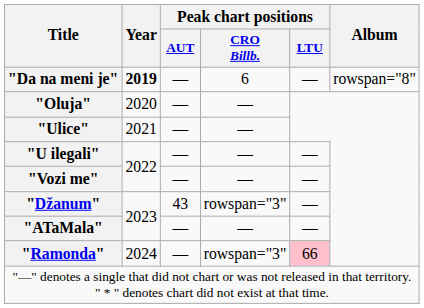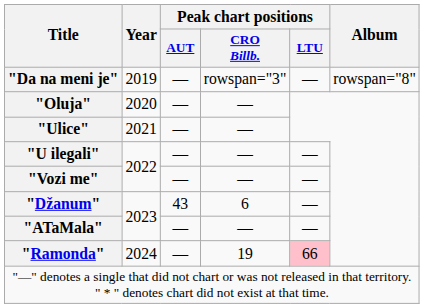 <table class="wikitable plainrowheaders" style="text-align:center;">
 <tr>
 <th scope="col" rowspan="2">Title</th>
 <th scope="col" rowspan="2">Year</th>
 <th scope="col" colspan="3">Peak chart positions</th>
 <th scope="col" rowspan="2">Album</th>
 </tr>
 <tr>
 <th scope="col" style="width:2.5em; font-size:85%"><a href='#'>AUT</a><br></th>
 <th scope="col" style="width:2.5em; font-size:85%"><a href='#'>CRO<br><em>Billb.</em></a><br></th>
 <th scope="col" style="width:2.5em; font-size:85%"><a href='#'>LTU</a><br></th>
 </tr>
 <tr>
 <th scope="row">"Da na meni je"</th>
-<td><strong>2019</strong></td>
+<td>2019</td>
 <td>—</td>
-<td>6</td>
+<td>rowspan="3" </td>
 <td>—</td>
 <td>rowspan="8" </td>
 </tr>
 <tr>
 <th scope="row">"Oluja"</th>
 <td>2020</td>
 <td>—</td>
 <td>—</td>
 </tr>
 <tr>
 <th scope="row">"Ulice"<br></th>
 <td>2021</td>
 <td>—</td>
 <td>—</td>
 </tr>
 <tr>
 <th scope="row">"U ilegali"</th>
 <td rowspan="2">2022</td>
 <td>—</td>
 <td>—</td>
 <td>—</td>
 </tr>
 <tr>
 <th scope="row">"Vozi me"</th>
 <td>—</td>
 <td>—</td>
 <td>—</td>
 </tr>
 <tr>
 <th scope="row">"<a href='#'>Džanum</a>"</th>
 <td rowspan="2">2023</td>
 <td>43</td>
-<td>rowspan="3" </td>
+<td>6</td>
 <td>—</td>
 </tr>
 <tr>
 <th scope="row">"ATaMala"<br></th>
 <td>—</td>
 <td>—</td>
 <td>—</td>
 </tr>
 <tr>
 <th scope="row">"<a href='#'>Ramonda</a>"</th>
 <td>2024</td>
 <td>—</td>
-<td>rowspan="3" </td>
+<td>19</td>
 <td style="background: pink;">66</td>
 </tr>
 <tr>
 <td colspan="6" style="font-size:85%">"—" denotes a single that did not chart or was not released in that territory.<br>" * " denotes chart did not exist at that time.</td>
 </tr>
 </table>
